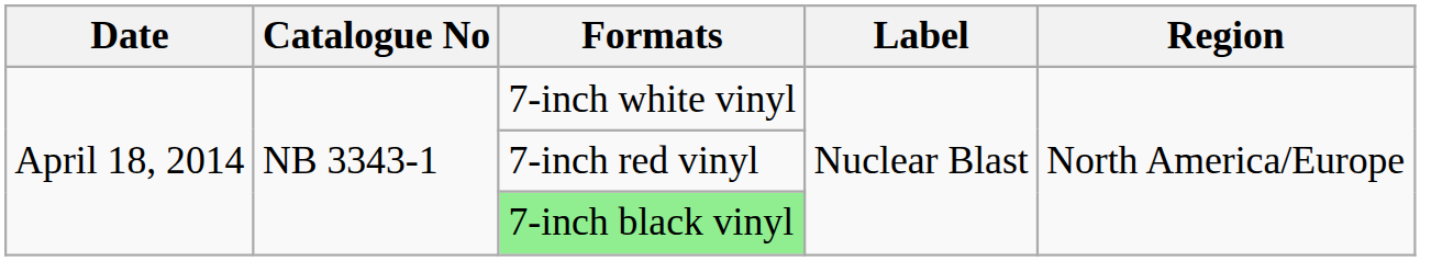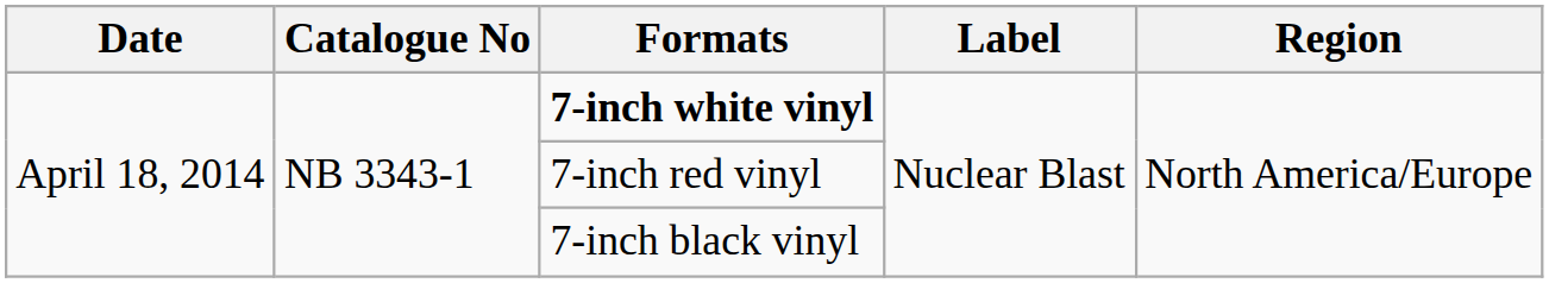 <table class="wikitable plainrowheaders">
 <tr>
 <th scope="col">Date</th>
 <th scope="col">Catalogue No</th>
 <th scope="col">Formats</th>
 <th scope="col">Label</th>
 <th scope="col">Region</th>
 </tr>
 <tr>
 <td rowspan=3>April 18, 2014</td>
 <td rowspan=3>NB 3343-1</td>
-<td>7-inch white vinyl</td>
+<td><strong>7-inch white vinyl</strong></td>
 <td rowspan=3>Nuclear Blast</td>
 <td rowspan=3>North America/Europe</td>
 </tr>
 <tr>
 <td>7-inch red vinyl</td>
 </tr>
 <tr>
-<td style="background: lightgreen;">7-inch black vinyl</td>
+<td>7-inch black vinyl</td>
 </tr>
 </table>
